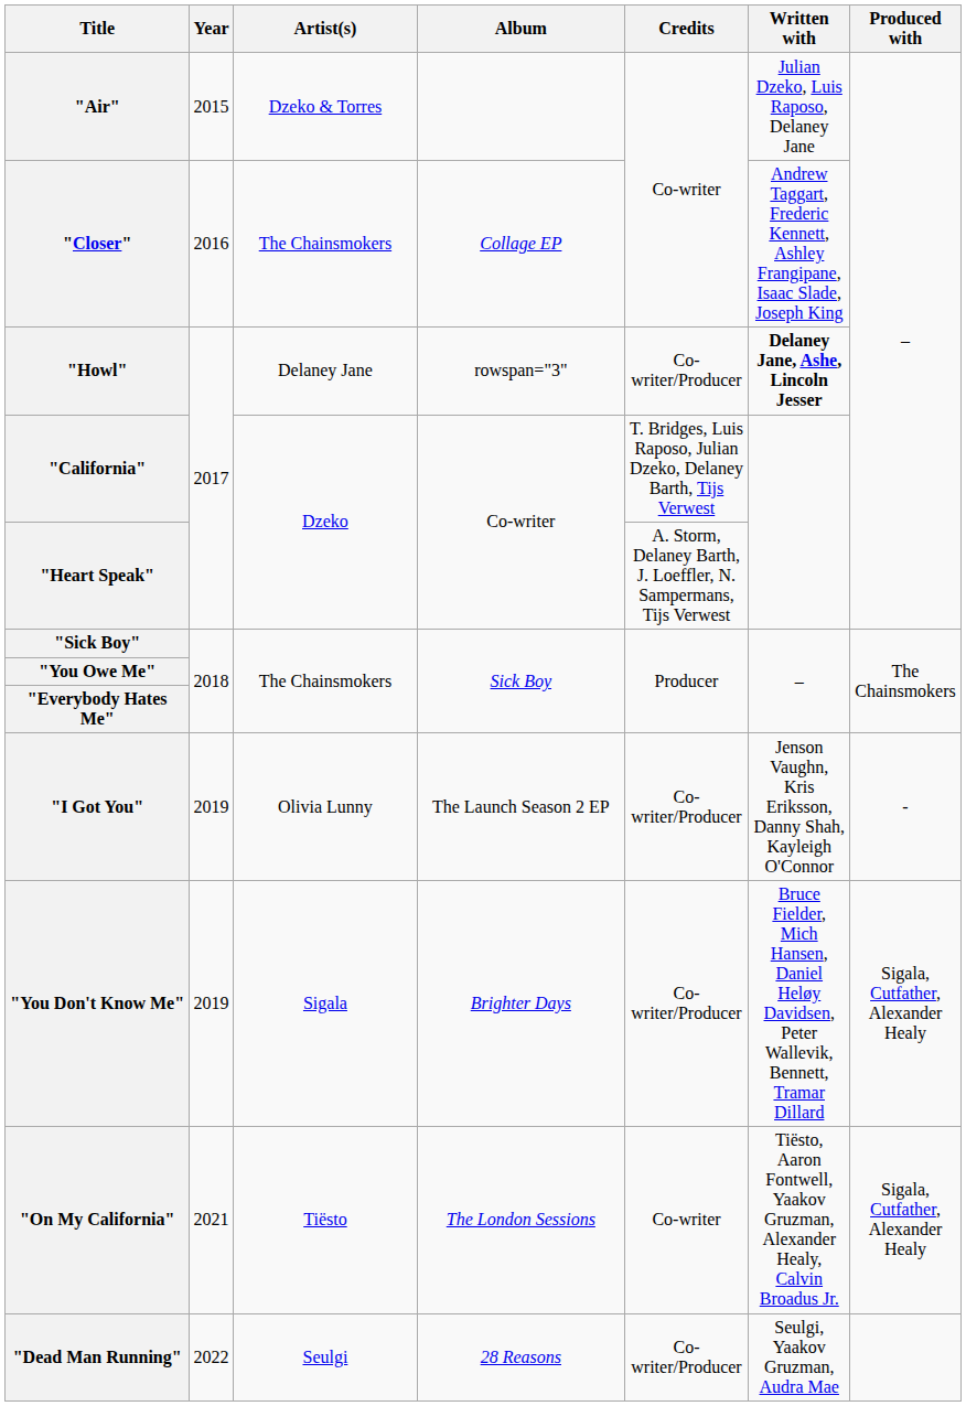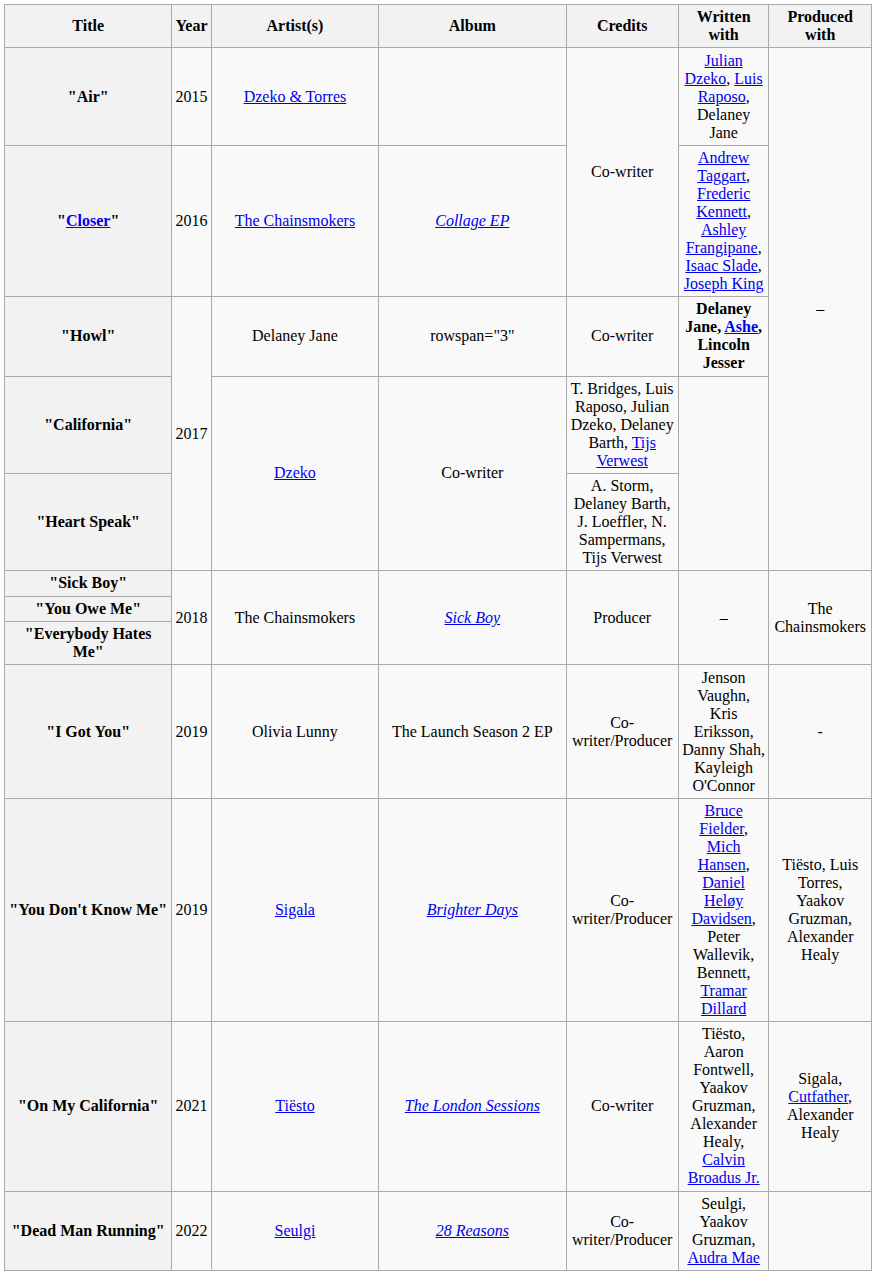 <table class="wikitable plainrowheaders" style="text-align:center;">
 <tr>
 <th scope="col" style="width:160px;">Title</th>
 <th scope="col">Year</th>
 <th scope="col" style="width:160px;">Artist(s)</th>
 <th scope="col" style="width:180px;">Album</th>
 <th scope="col">Credits</th>
 <th scope="col">Written with</th>
 <th scope="col">Produced with</th>
 </tr>
 <tr>
 <th scope="row">"Air"<br></th>
 <td>2015</td>
 <td><a href='#'>Dzeko & Torres</a></td>
 <td></td>
 <td rowspan="2">Co-writer</td>
 <td><a href='#'>Julian Dzeko</a>, <a href='#'>Luis Raposo</a>, Delaney Jane</td>
 <td rowspan="5">–</td>
 </tr>
 <tr>
 <th scope="row">"<a href='#'>Closer</a>"<br></th>
 <td>2016</td>
 <td><a href='#'>The Chainsmokers</a></td>
 <td><em><a href='#'>Collage EP</a></em></td>
 <td><a href='#'>Andrew Taggart</a>, <a href='#'>Frederic Kennett</a>, <a href='#'>Ashley Frangipane</a>, <a href='#'>Isaac Slade</a>, <a href='#'>Joseph King</a></td>
 </tr>
 <tr>
 <th scope="row">"Howl"</th>
 <td rowspan="3">2017</td>
 <td>Delaney Jane</td>
 <td>rowspan="3" </td>
-<td>Co-writer/Producer</td>
+<td>Co-writer</td>
 <td><strong>Delaney Jane, <a href='#'>Ashe</a>, Lincoln Jesser</strong></td>
 </tr>
 <tr>
 <th scope="row">"California"<br></th>
 <td rowspan="2"><a href='#'>Dzeko</a></td>
 <td rowspan="2">Co-writer</td>
 <td>T. Bridges, Luis Raposo, Julian Dzeko, Delaney Barth, <a href='#'>Tijs Verwest</a></td>
 </tr>
 <tr>
 <th scope="row">"Heart Speak"<br></th>
 <td>A. Storm, Delaney Barth, J. Loeffler, N. Sampermans, Tijs Verwest</td>
 </tr>
 <tr>
 <th scope="row">"Sick Boy"</th>
 <td rowspan="3">2018</td>
 <td rowspan="3">The Chainsmokers</td>
 <td rowspan="3"><em><a href='#'>Sick Boy</a></em></td>
 <td rowspan="3">Producer</td>
 <td rowspan="3">–</td>
 <td rowspan="3">The Chainsmokers</td>
 </tr>
 <tr>
 <th scope="row">"You Owe Me"</th>
 </tr>
 <tr>
 <th scope="row">"Everybody Hates Me"</th>
 </tr>
 <tr>
 <th>"I Got You"</th>
 <td>2019</td>
 <td>Olivia Lunny</td>
 <td>The Launch Season 2 EP</td>
 <td>Co-writer/Producer</td>
 <td>Jenson Vaughn, Kris Eriksson, Danny Shah, Kayleigh O'Connor</td>
 <td>-</td>
 </tr>
 <tr>
 <th scope="row">"You Don't Know Me" <br></th>
 <td>2019</td>
 <td><a href='#'>Sigala</a></td>
 <td><em><a href='#'>Brighter Days</a></em></td>
 <td>Co-writer/Producer</td>
 <td><a href='#'>Bruce Fielder</a>, <a href='#'>Mich Hansen</a>, <a href='#'>Daniel Heløy Davidsen</a>, Peter Wallevik, Bennett, <a href='#'>Tramar Dillard</a></td>
-<td>Sigala, <a href='#'>Cutfather</a>, Alexander Healy</td>
+<td>Tiësto, Luis Torres, Yaakov Gruzman, Alexander Healy</td>
 </tr>
 <tr>
 <th scope="row">"On My California" <br></th>
 <td>2021</td>
 <td><a href='#'>Tiësto</a></td>
 <td><em><a href='#'>The London Sessions</a></em></td>
 <td>Co-writer</td>
 <td>Tiësto, Aaron Fontwell, Yaakov Gruzman, Alexander Healy, <a href='#'>Calvin Broadus Jr.</a></td>
 <td>Sigala, <a href='#'>Cutfather</a>, Alexander Healy</td>
 </tr>
 <tr>
 <th scope="row">"Dead Man Running"</th>
 <td>2022</td>
 <td><a href='#'>Seulgi</a></td>
 <td><em><a href='#'>28 Reasons</a></em></td>
 <td>Co-writer/Producer</td>
 <td>Seulgi, Yaakov Gruzman, <a href='#'>Audra Mae</a></td>
 <td></td>
 </tr>
 </table>
